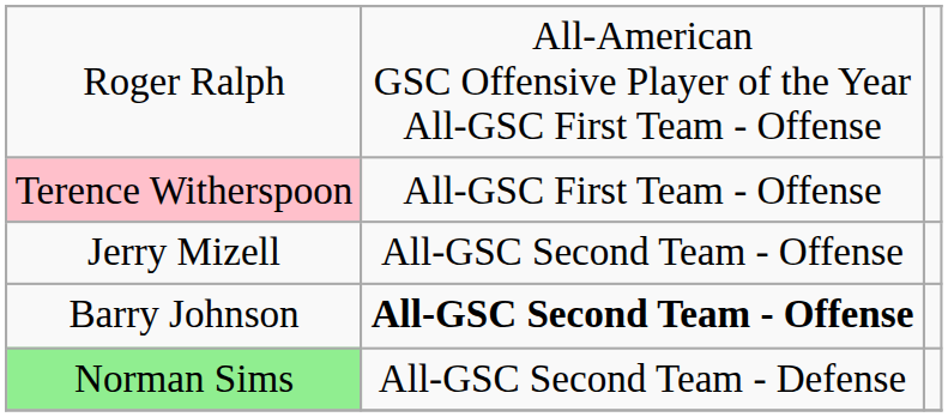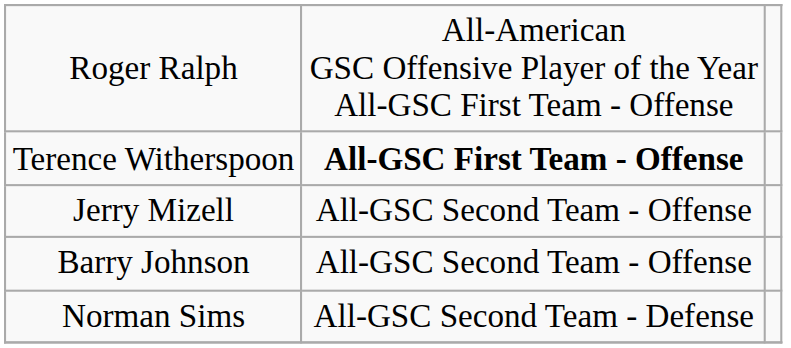 <table class="wikitable sortable sortable" style="text-align: center">
 <tr align=center>
 </tr>
 <tr>
 <td>Roger Ralph</td>
 <td>All-American<br>GSC Offensive Player of the Year<br>All-GSC First Team - Offense</td>
 <td></td>
 </tr>
 <tr>
-<td style="background: pink;">Terence Witherspoon</td>
-<td>All-GSC First Team - Offense</td>
+<td>Terence Witherspoon</td>
+<td><strong>All-GSC First Team - Offense</strong></td>
 <td></td>
 </tr>
 <tr>
 <td>Jerry Mizell</td>
 <td>All-GSC Second Team - Offense</td>
 <td></td>
 </tr>
 <tr>
 <td>Barry Johnson</td>
-<td><strong>All-GSC Second Team - Offense</strong></td>
+<td>All-GSC Second Team - Offense</td>
 <td></td>
 </tr>
 <tr>
-<td style="background: lightgreen;">Norman Sims</td>
+<td>Norman Sims</td>
 <td>All-GSC Second Team - Defense</td>
 <td></td>
 </tr>
 <tr>
 </tr>
 </table>
